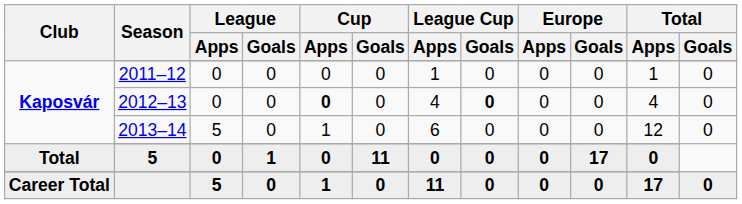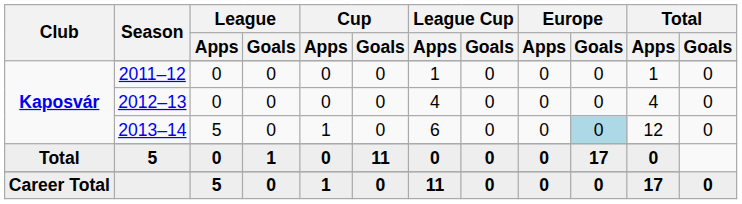 <table class="wikitable" style="font-size:90%; text-align: center;">
 <tr>
 <th rowspan="2">Club</th>
 <th rowspan="2">Season</th>
 <th colspan="2">League</th>
 <th colspan="2">Cup</th>
 <th colspan="2">League Cup</th>
 <th colspan="2">Europe</th>
 <th colspan="2">Total</th>
 </tr>
 <tr>
 <th>Apps</th>
 <th>Goals</th>
 <th>Apps</th>
 <th>Goals</th>
 <th>Apps</th>
 <th>Goals</th>
 <th>Apps</th>
 <th>Goals</th>
 <th>Apps</th>
 <th>Goals</th>
 </tr>
 <tr ||-||-||-|->
 <td rowspan="5" valign="center"><strong><a href='#'>Kaposvár</a></strong></td>
 </tr>
 <tr>
 <td><a href='#'>2011–12</a></td>
 <td>0</td>
 <td>0</td>
 <td>0</td>
 <td>0</td>
 <td>1</td>
 <td>0</td>
 <td>0</td>
 <td>0</td>
 <td>1</td>
 <td>0</td>
 </tr>
 <tr>
 <td><a href='#'>2012–13</a></td>
 <td>0</td>
 <td>0</td>
-<td><strong>0</strong></td>
+<td>0</td>
 <td>0</td>
 <td>4</td>
-<td><strong>0</strong></td>
+<td>0</td>
 <td>0</td>
 <td>0</td>
 <td>4</td>
 <td>0</td>
 </tr>
 <tr>
 <td><a href='#'>2013–14</a></td>
 <td>5</td>
 <td>0</td>
 <td>1</td>
 <td>0</td>
 <td>6</td>
 <td>0</td>
 <td>0</td>
-<td>0</td>
+<td style="background: lightblue;">0</td>
 <td>12</td>
 <td>0</td>
 </tr>
 <tr>
 </tr>
 <tr style="font-weight:bold; background-color:#eeeeee;">
 <td>Total</td>
 <td>5</td>
 <td>0</td>
 <td>1</td>
 <td>0</td>
 <td>11</td>
 <td>0</td>
 <td>0</td>
 <td>0</td>
 <td>17</td>
 <td>0</td>
 </tr>
 <tr>
 </tr>
 <tr style="font-weight:bold; background-color:#eeeeee;">
 <td rowspan="2" valign="top"><strong>Career Total</strong></td>
 <td></td>
 <td><strong>5</strong></td>
 <td><strong>0</strong></td>
 <td><strong>1</strong></td>
 <td><strong>0</strong></td>
 <td><strong>11</strong></td>
 <td><strong>0</strong></td>
 <td><strong>0</strong></td>
 <td><strong>0</strong></td>
 <td><strong>17</strong></td>
 <td><strong>0</strong></td>
 </tr>
 </table>
